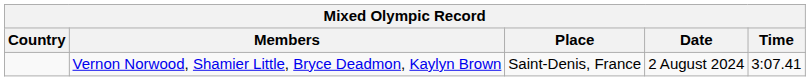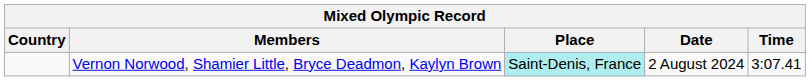 <table class="wikitable">
 <tr>
 <th colspan="5">Mixed Olympic Record</th>
 </tr>
 <tr>
 <th>Country</th>
 <th>Members</th>
 <th>Place</th>
 <th>Date</th>
 <th>Time</th>
 </tr>
 <tr>
 <td></td>
 <td><a href='#'>Vernon Norwood</a>, <a href='#'>Shamier Little</a>, <a href='#'>Bryce Deadmon</a>, <a href='#'>Kaylyn Brown</a></td>
-<td>Saint-Denis, France</td>
+<td style="background: paleturquoise;">Saint-Denis, France</td>
 <td>2 August 2024</td>
 <td>3:07.41</td>
 </tr>
 </table>
